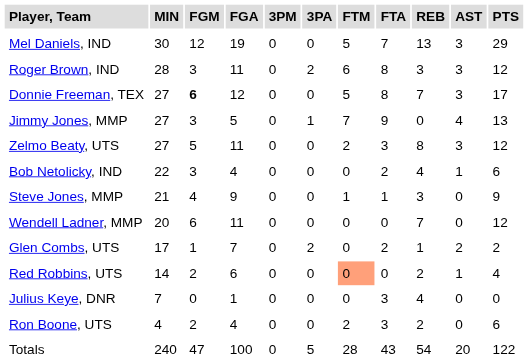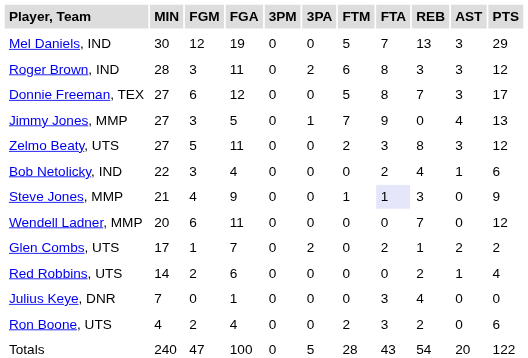 <table cellpadding=5>
 <tr bgcolor="#dddddd">
 <td><strong>Player, Team</strong></td>
 <td><strong>MIN</strong></td>
 <td><strong>FGM</strong></td>
 <td><strong>FGA</strong></td>
 <td><strong>3PM</strong></td>
 <td><strong>3PA</strong></td>
 <td><strong>FTM</strong></td>
 <td><strong>FTA</strong></td>
 <td><strong>REB</strong></td>
 <td><strong>AST</strong></td>
 <td><strong>PTS</strong></td>
 </tr>
 <tr bgcolor="#eeeeee">
 </tr>
 <tr>
 <td><a href='#'>Mel Daniels</a>, IND</td>
 <td>30</td>
 <td>12</td>
 <td>19</td>
 <td>0</td>
 <td>0</td>
 <td>5</td>
 <td>7</td>
 <td>13</td>
 <td>3</td>
 <td>29</td>
 </tr>
 <tr>
 <td><a href='#'>Roger Brown</a>, IND</td>
 <td>28</td>
 <td>3</td>
 <td>11</td>
 <td>0</td>
 <td>2</td>
 <td>6</td>
 <td>8</td>
 <td>3</td>
 <td>3</td>
 <td>12</td>
 </tr>
 <tr>
 <td><a href='#'>Donnie Freeman</a>, TEX</td>
 <td>27</td>
-<td><strong>6</strong></td>
+<td>6</td>
 <td>12</td>
 <td>0</td>
 <td>0</td>
 <td>5</td>
 <td>8</td>
 <td>7</td>
 <td>3</td>
 <td>17</td>
 </tr>
 <tr>
 <td><a href='#'>Jimmy Jones</a>, MMP</td>
 <td>27</td>
 <td>3</td>
 <td>5</td>
 <td>0</td>
 <td>1</td>
 <td>7</td>
 <td>9</td>
 <td>0</td>
 <td>4</td>
 <td>13</td>
 </tr>
 <tr>
 <td><a href='#'>Zelmo Beaty</a>, UTS</td>
 <td>27</td>
 <td>5</td>
 <td>11</td>
 <td>0</td>
 <td>0</td>
 <td>2</td>
 <td>3</td>
 <td>8</td>
 <td>3</td>
 <td>12</td>
 </tr>
 <tr>
 <td><a href='#'>Bob Netolicky</a>, IND</td>
 <td>22</td>
 <td>3</td>
 <td>4</td>
 <td>0</td>
 <td>0</td>
 <td>0</td>
 <td>2</td>
 <td>4</td>
 <td>1</td>
 <td>6</td>
 </tr>
 <tr>
 <td><a href='#'>Steve Jones</a>, MMP</td>
 <td>21</td>
 <td>4</td>
 <td>9</td>
 <td>0</td>
 <td>0</td>
 <td>1</td>
-<td>1</td>
+<td style="background: lavender;">1</td>
 <td>3</td>
 <td>0</td>
 <td>9</td>
 </tr>
 <tr>
 <td><a href='#'>Wendell Ladner</a>, MMP</td>
 <td>20</td>
 <td>6</td>
 <td>11</td>
 <td>0</td>
 <td>0</td>
 <td>0</td>
 <td>0</td>
 <td>7</td>
 <td>0</td>
 <td>12</td>
 </tr>
 <tr>
 <td><a href='#'>Glen Combs</a>, UTS</td>
 <td>17</td>
 <td>1</td>
 <td>7</td>
 <td>0</td>
 <td>2</td>
 <td>0</td>
 <td>2</td>
 <td>1</td>
 <td>2</td>
 <td>2</td>
 </tr>
 <tr>
 <td><a href='#'>Red Robbins</a>, UTS</td>
 <td>14</td>
 <td>2</td>
 <td>6</td>
 <td>0</td>
 <td>0</td>
-<td style="background: lightsalmon;">0</td>
+<td>0</td>
 <td>0</td>
 <td>2</td>
 <td>1</td>
 <td>4</td>
 </tr>
 <tr>
 <td><a href='#'>Julius Keye</a>, DNR</td>
 <td>7</td>
 <td>0</td>
 <td>1</td>
 <td>0</td>
 <td>0</td>
 <td>0</td>
 <td>3</td>
 <td>4</td>
 <td>0</td>
 <td>0</td>
 </tr>
 <tr>
 <td><a href='#'>Ron Boone</a>, UTS</td>
 <td>4</td>
 <td>2</td>
 <td>4</td>
 <td>0</td>
 <td>0</td>
 <td>2</td>
 <td>3</td>
 <td>2</td>
 <td>0</td>
 <td>6</td>
 </tr>
 <tr>
 <td>Totals</td>
 <td>240</td>
 <td>47</td>
 <td>100</td>
 <td>0</td>
 <td>5</td>
 <td>28</td>
 <td>43</td>
 <td>54</td>
 <td>20</td>
 <td>122</td>
 </tr>
 <tr>
 </tr>
 </table>
